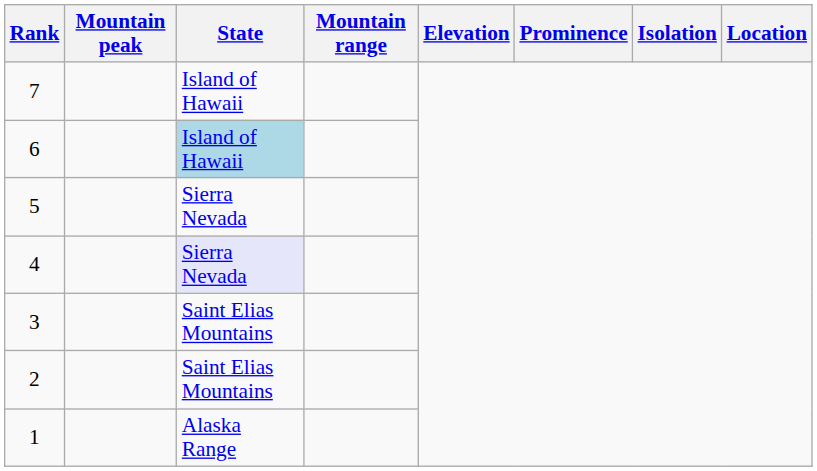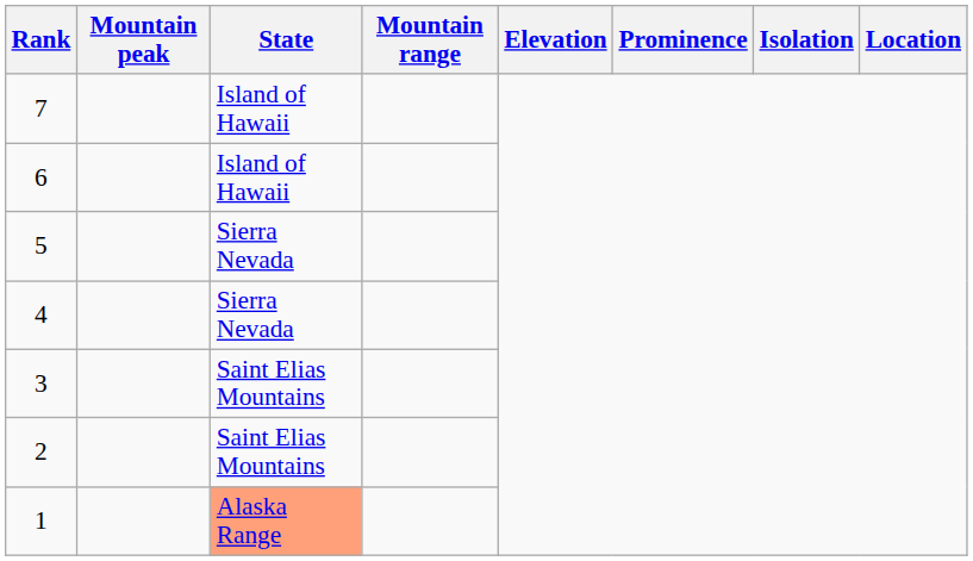 <table class="wikitable sortable">
 <tr>
 <th><a href='#'>Rank</a></th>
 <th><a href='#'>Mountain peak</a></th>
 <th><a href='#'>State</a></th>
 <th><a href='#'>Mountain range</a></th>
 <th><a href='#'>Elevation</a></th>
 <th><a href='#'>Prominence</a></th>
 <th><a href='#'>Isolation</a></th>
 <th><a href='#'>Location</a></th>
 </tr>
 <tr>
 <td align=center>7<br></td>
 <td></td>
 <td><a href='#'>Island of Hawaii</a><br></td>
 <td></td>
 </tr>
 <tr>
 <td align=center>6<br></td>
 <td></td>
-<td style="background: lightblue;"><a href='#'>Island of Hawaii</a><br></td>
+<td><a href='#'>Island of Hawaii</a><br></td>
 <td></td>
 </tr>
 <tr>
 <td align=center>5<br></td>
 <td></td>
 <td><a href='#'>Sierra Nevada</a><br></td>
 <td></td>
 </tr>
 <tr>
 <td align=center>4<br></td>
 <td></td>
-<td style="background: lavender;"><a href='#'>Sierra Nevada</a><br></td>
+<td><a href='#'>Sierra Nevada</a><br></td>
 <td></td>
 </tr>
 <tr>
 <td align=center>3<br></td>
 <td><br></td>
 <td><a href='#'>Saint Elias Mountains</a><br></td>
 <td></td>
 </tr>
 <tr>
 <td align=center>2<br></td>
 <td><br></td>
 <td><a href='#'>Saint Elias Mountains</a><br></td>
 <td></td>
 </tr>
 <tr>
 <td align=center>1<br></td>
 <td></td>
-<td><a href='#'>Alaska Range</a><br></td>
+<td style="background: lightsalmon;"><a href='#'>Alaska Range</a><br></td>
 <td></td>
 </tr>
 </table>
